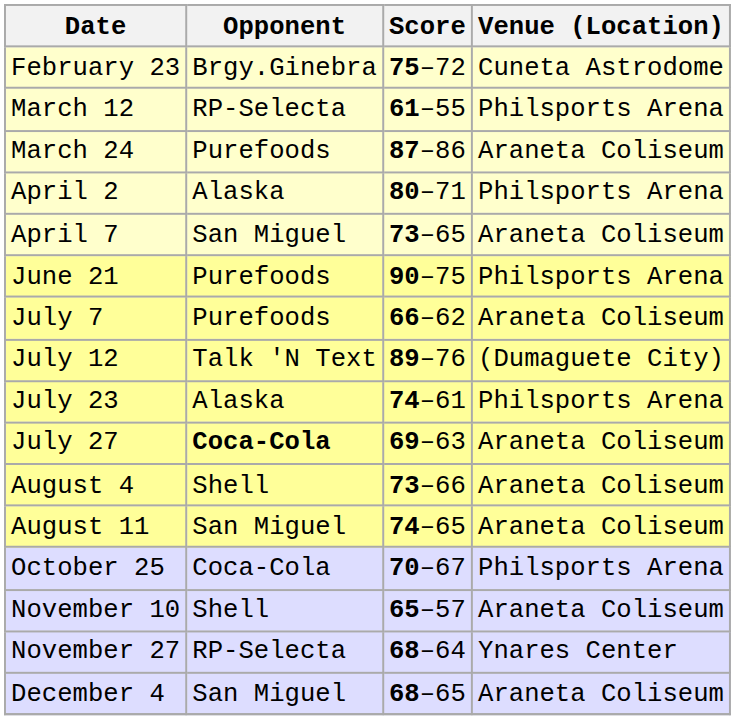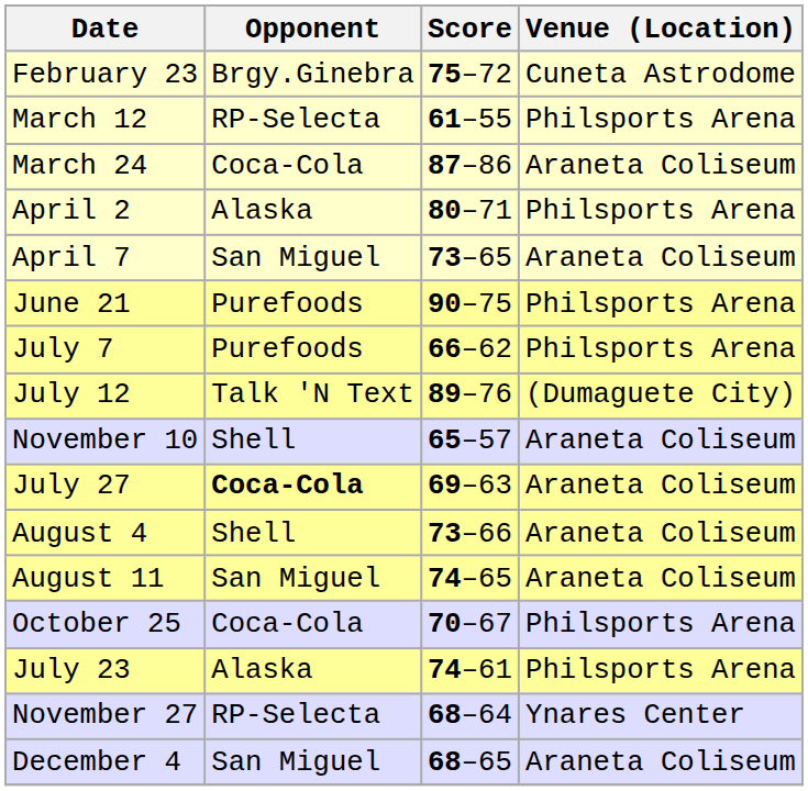 <table class="wikitable sortable sortable">
 <tr>
 <th>Date</th>
 <th>Opponent</th>
 <th>Score</th>
 <th>Venue (Location)</th>
 </tr>
 <tr bgcolor=#FFFFCC>
 <td>February 23</td>
 <td>Brgy.Ginebra</td>
 <td><strong>75</strong>–72</td>
 <td>Cuneta Astrodome</td>
 </tr>
 <tr bgcolor=#FFFFCC>
 <td>March 12</td>
 <td>RP-Selecta</td>
 <td><strong>61</strong>–55</td>
 <td>Philsports Arena</td>
 </tr>
 <tr bgcolor=#FFFFCC>
 <td>March 24</td>
-<td>Purefoods</td>
+<td>Coca-Cola</td>
 <td><strong>87</strong>–86</td>
 <td>Araneta Coliseum </td>
 </tr>
 <tr bgcolor=#FFFFCC>
 <td>April 2</td>
 <td>Alaska</td>
 <td><strong>80</strong>–71</td>
 <td>Philsports Arena</td>
 </tr>
 <tr bgcolor=#FFFFCC>
 <td>April 7</td>
 <td>San Miguel</td>
 <td><strong>73</strong>–65</td>
 <td>Araneta Coliseum</td>
 </tr>
 <tr bgcolor=#FFFF99>
 <td>June 21</td>
 <td>Purefoods</td>
 <td><strong>90</strong>–75</td>
 <td>Philsports Arena</td>
 </tr>
 <tr bgcolor=#FFFF99>
 <td>July 7</td>
 <td>Purefoods</td>
 <td><strong>66</strong>–62</td>
-<td>Araneta Coliseum</td>
+<td>Philsports Arena </td>
 </tr>
 <tr bgcolor=#FFFF99>
 <td>July 12</td>
 <td>Talk 'N Text</td>
 <td><strong>89</strong>–76</td>
 <td>(Dumaguete City)</td>
 </tr>
-<tr bgcolor=#FFFF99>
-<td>July 23</td>
-<td>Alaska</td>
-<td><strong>74</strong>–61</td>
-<td>Philsports Arena </td>
+<tr bgcolor=#DDDDFF>
+<td>November 10</td>
+<td>Shell</td>
+<td><strong>65</strong>–57</td>
+<td>Araneta Coliseum</td>
 </tr>
 <tr bgcolor=#FFFF99>
 <td>July 27</td>
 <td><strong>Coca-Cola</strong></td>
 <td><strong>69</strong>–63</td>
 <td>Araneta Coliseum</td>
 </tr>
 <tr bgcolor=#FFFF99>
 <td>August 4</td>
 <td>Shell</td>
 <td><strong>73</strong>–66</td>
 <td>Araneta Coliseum</td>
 </tr>
 <tr bgcolor=#FFFF99>
 <td>August 11</td>
 <td>San Miguel</td>
 <td><strong>74</strong>–65</td>
 <td>Araneta Coliseum</td>
 </tr>
 <tr bgcolor=#DDDDFF>
 <td>October 25</td>
 <td>Coca-Cola</td>
 <td><strong>70</strong>–67</td>
 <td>Philsports Arena</td>
 </tr>
-<tr bgcolor=#DDDDFF>
-<td>November 10</td>
-<td>Shell</td>
-<td><strong>65</strong>–57</td>
-<td>Araneta Coliseum</td>
+<tr bgcolor=#FFFF99>
+<td>July 23</td>
+<td>Alaska</td>
+<td><strong>74</strong>–61</td>
+<td>Philsports Arena </td>
 </tr>
 <tr bgcolor=#DDDDFF>
 <td>November 27</td>
 <td>RP-Selecta</td>
 <td><strong>68</strong>–64</td>
 <td>Ynares Center</td>
 </tr>
 <tr bgcolor=#DDDDFF>
 <td>December 4</td>
 <td>San Miguel</td>
 <td><strong>68</strong>–65</td>
 <td>Araneta Coliseum</td>
 </tr>
 <tr>
 </tr>
 </table>
